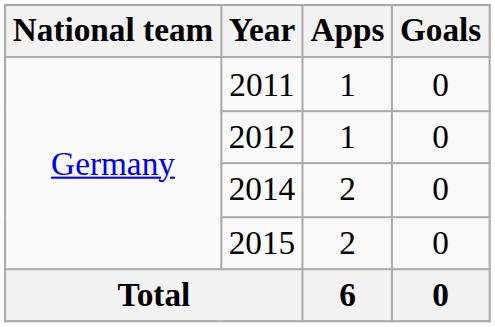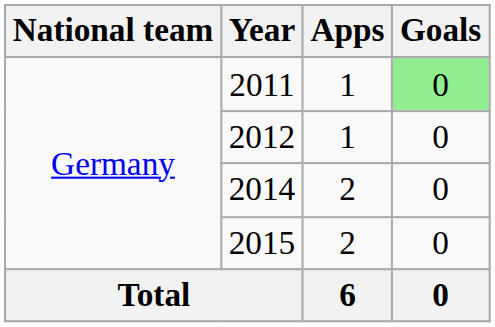 <table class="wikitable" style="text-align: center;">
 <tr>
 <th>National team</th>
 <th>Year</th>
 <th>Apps</th>
 <th>Goals</th>
 </tr>
 <tr>
 <td rowspan="4"><a href='#'>Germany</a></td>
 <td>2011</td>
 <td>1</td>
-<td>0</td>
+<td style="background: lightgreen;">0</td>
 </tr>
 <tr>
 <td>2012</td>
 <td>1</td>
 <td>0</td>
 </tr>
 <tr>
 <td>2014</td>
 <td>2</td>
 <td>0</td>
 </tr>
 <tr>
 <td>2015</td>
 <td>2</td>
 <td>0</td>
 </tr>
 <tr>
 <th colspan="2">Total</th>
 <th>6</th>
 <th>0</th>
 </tr>
 </table>
